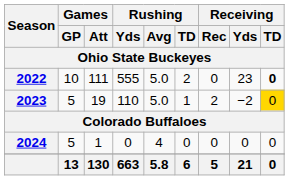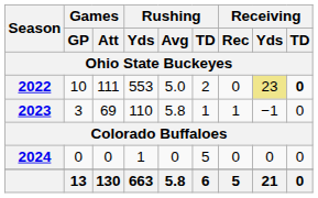 <table class="wikitable" style="text-align:center;">
 <tr>
 <th rowspan="2">Season</th>
 <th colspan="2">Games</th>
 <th colspan="3">Rushing</th>
 <th colspan="3">Receiving</th>
 </tr>
 <tr>
 <th>GP</th>
 <th>Att</th>
 <th>Yds</th>
 <th>Avg</th>
 <th>TD</th>
 <th>Rec</th>
 <th>Yds</th>
 <th>TD</th>
 </tr>
 <tr>
 <th colspan="15">Ohio State Buckeyes</th>
 </tr>
 <tr>
 <th><a href='#'>2022</a></th>
 <td>10</td>
 <td>111</td>
-<td>555</td>
+<td>553</td>
 <td>5.0</td>
 <td>2</td>
 <td>0</td>
-<td>23</td>
+<td style="background: khaki;">23</td>
 <td><strong>0</strong></td>
 </tr>
 <tr>
 <th><a href='#'>2023</a></th>
-<td>5</td>
-<td>19</td>
+<td>3</td>
+<td>69</td>
 <td>110</td>
-<td>5.0</td>
+<td>5.8</td>
 <td>1</td>
-<td>2</td>
-<td>−2</td>
-<td style="background: gold;">0</td>
+<td>1</td>
+<td>−1</td>
+<td>0</td>
 </tr>
 <tr>
 <th colspan="10">Colorado Buffaloes</th>
 </tr>
 <tr>
 <th><a href='#'>2024</a></th>
-<td>5</td>
+<td>0</td>
+<td>0</td>
 <td>1</td>
 <td>0</td>
-<td>4</td>
-<td>0</td>
+<td>5</td>
 <td>0</td>
 <td>0</td>
 <td>0</td>
 </tr>
 <tr>
 </tr>
 <tr>
 <th></th>
 <th>13</th>
 <th>130</th>
 <th>663</th>
 <th>5.8</th>
 <th>6</th>
 <th>5</th>
 <th>21</th>
 <th>0</th>
 </tr>
 </table>
